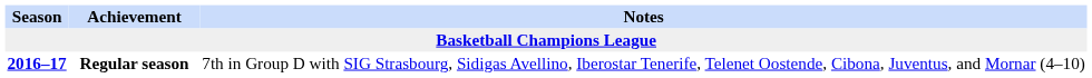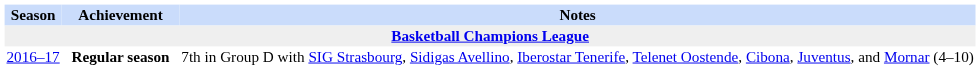 <table class="toccolours" border="0" cellpadding="2" cellspacing="0" align="left" style="margin:0.5em;">
 <tr bgcolor=#CADCFB>
 <th>Season</th>
 <th style="width:120px;">Achievement</th>
 <th>Notes</th>
 </tr>
 <tr>
 <th colspan="4" bgcolor=#EFEFEF><a href='#'>Basketball Champions League</a></th>
 </tr>
 <tr>
-<td align="center"><strong><a href='#'>2016–17</a></strong></td>
+<td align="center"><a href='#'>2016–17</a></td>
 <td align="center"><strong>Regular season</strong></td>
 <td align="left">7th in Group D with <a href='#'>SIG Strasbourg</a>, <a href='#'>Sidigas Avellino</a>, <a href='#'>Iberostar Tenerife</a>, <a href='#'>Telenet Oostende</a>, <a href='#'>Cibona</a>, <a href='#'>Juventus</a>, and <a href='#'>Mornar</a> (4–10)</td>
 </tr>
 <tr>
 </tr>
 </table>
